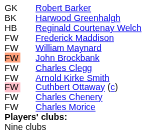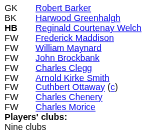 <table cellspacing="0" cellpadding="0" style="font-size:90%; margin:auto;">
 <tr>
 <th width="25"></th>
 <th width="25"></th>
 </tr>
 <tr>
 <td>GK</td>
 <td></td>
 <td><a href='#'>Robert Barker</a></td>
 </tr>
 <tr>
 <td>BK</td>
 <td></td>
 <td><a href='#'>Harwood Greenhalgh</a></td>
 </tr>
 <tr>
-<td>HB</td>
+<td><strong>HB</strong></td>
 <td></td>
 <td><a href='#'>Reginald Courtenay Welch</a></td>
 </tr>
 <tr>
 <td>FW</td>
 <td></td>
 <td><a href='#'>Frederick Maddison</a></td>
 </tr>
 <tr>
 <td>FW</td>
 <td></td>
 <td><a href='#'>William Maynard</a></td>
 </tr>
 <tr>
-<td style="background: lightsalmon;">FW</td>
+<td>FW</td>
 <td></td>
 <td><a href='#'>John Brockbank</a></td>
 </tr>
 <tr>
 <td>FW</td>
 <td></td>
 <td><a href='#'>Charles Clegg</a></td>
 </tr>
 <tr>
 <td>FW</td>
 <td></td>
 <td><a href='#'>Arnold Kirke Smith</a></td>
 </tr>
 <tr>
-<td style="background: pink;">FW</td>
+<td>FW</td>
 <td></td>
 <td><a href='#'>Cuthbert Ottaway</a> (<a href='#'>c</a>)</td>
 </tr>
 <tr>
 <td>FW</td>
 <td></td>
 <td><a href='#'>Charles Chenery</a></td>
 </tr>
 <tr>
 <td>FW</td>
 <td></td>
 <td><a href='#'>Charles Morice</a></td>
 </tr>
 <tr>
 <td colspan=4><strong>Players' clubs:</strong></td>
 </tr>
 <tr>
 <td colspan="4">Nine clubs</td>
 </tr>
 </table>
